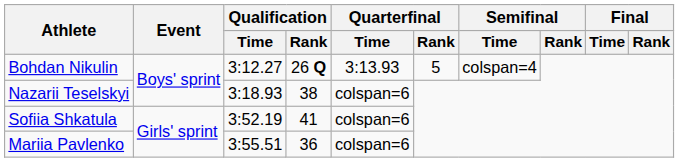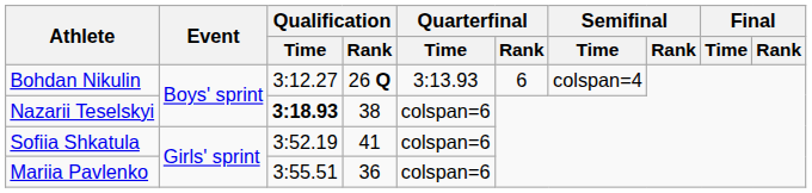 <table class=wikitable style=font-size:90%;text-align:center>
 <tr>
 <th rowspan=2>Athlete</th>
 <th rowspan=2>Event</th>
 <th colspan=2>Qualification</th>
 <th colspan=2>Quarterfinal</th>
 <th colspan=2>Semifinal</th>
 <th colspan=2>Final</th>
 </tr>
 <tr style=font-size:95%>
 <th>Time</th>
 <th>Rank</th>
 <th>Time</th>
 <th>Rank</th>
 <th>Time</th>
 <th>Rank</th>
 <th>Time</th>
 <th>Rank</th>
 </tr>
 <tr>
 <td align=left><a href='#'>Bohdan Nikulin</a></td>
 <td align=left rowspan=2><a href='#'>Boys' sprint</a></td>
 <td>3:12.27</td>
 <td>26 <strong>Q</strong></td>
 <td>3:13.93</td>
-<td>5</td>
+<td>6</td>
 <td>colspan=4 </td>
 </tr>
 <tr>
 <td align=left><a href='#'>Nazarii Teselskyi</a></td>
-<td>3:18.93</td>
+<td><strong>3:18.93</strong></td>
 <td>38</td>
 <td>colspan=6 </td>
 </tr>
 <tr>
 <td align=left><a href='#'>Sofiia Shkatula</a></td>
 <td align=left rowspan=2><a href='#'>Girls' sprint</a></td>
 <td>3:52.19</td>
 <td>41</td>
 <td>colspan=6 </td>
 </tr>
 <tr>
 <td align=left><a href='#'>Mariia Pavlenko</a></td>
 <td>3:55.51</td>
 <td>36</td>
 <td>colspan=6 </td>
 </tr>
 </table>
